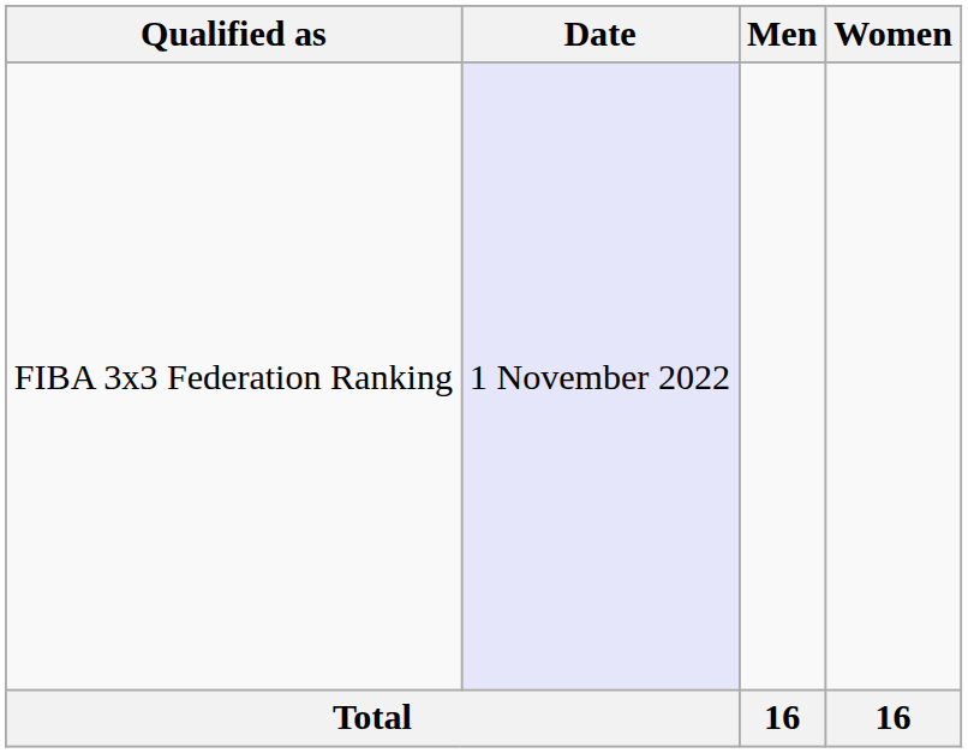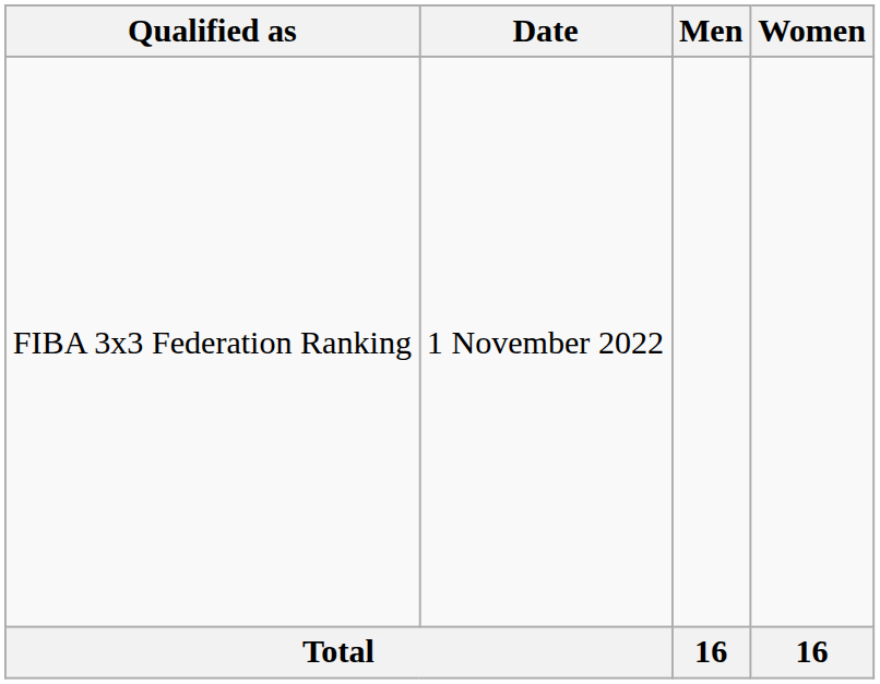 <table class="wikitable">
 <tr>
 <th>Qualified as</th>
 <th>Date</th>
 <th>Men</th>
 <th>Women</th>
 </tr>
 <tr>
 <td>FIBA 3x3 Federation Ranking</td>
-<td style="background: lavender;">1 November 2022</td>
+<td>1 November 2022</td>
 <td><br><br><br><br><br><br><br><br><br><br><br><br><br><br><br></td>
 <td><br><br><br><br><br><br><br><br><br><br><br><br><br><br><br></td>
 </tr>
 <tr>
 <th colspan=2>Total</th>
 <th>16</th>
 <th>16</th>
 </tr>
 </table>
